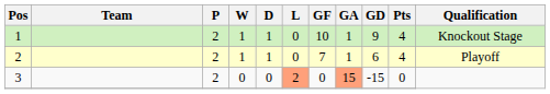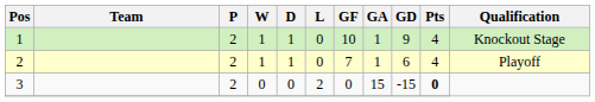 <table class="wikitable" border="1">
 <tr>
 <th width="25"><abbr>Pos</abbr></th>
 <th width="200">Team</th>
 <th width="25">P</th>
 <th width="25">W</th>
 <th width="25">D</th>
 <th width="25">L</th>
 <th width="25"><abbr>GF</abbr></th>
 <th width="25"><abbr>GA</abbr></th>
 <th width="25"><abbr>GD</abbr></th>
 <th width="25"><abbr>Pts</abbr></th>
 <th width="150">Qualification</th>
 </tr>
 <tr bgcolor= #D0F0C0>
 <td align="center">1</td>
 <td></td>
 <td align="center">2</td>
 <td align="center">1</td>
 <td align="center">1</td>
 <td align="center">0</td>
 <td align="center">10</td>
 <td align="center">1</td>
 <td align="center">9</td>
 <td align="center">4</td>
 <td align="center">Knockout Stage</td>
 </tr>
 <tr bgcolor=ffffcc>
 <td align="center">2</td>
 <td></td>
 <td align="center">2</td>
 <td align="center">1</td>
 <td align="center">1</td>
 <td align="center">0</td>
 <td align="center">7</td>
 <td align="center">1</td>
 <td align="center">6</td>
 <td align="center">4</td>
 <td align="center">Playoff</td>
 </tr>
 <tr>
 <td align="center">3</td>
 <td></td>
 <td align="center">2</td>
 <td align="center">0</td>
 <td align="center">0</td>
-<td align="center" style="background: lightsalmon;">2</td>
+<td align="center">2</td>
 <td align="center">0</td>
-<td align="center" style="background: lightsalmon;">15</td>
+<td align="center">15</td>
 <td align="center">-15</td>
-<td align="center">0</td>
+<td align="center"><strong>0</strong></td>
 </tr>
 <tr>
 </tr>
 </table>
